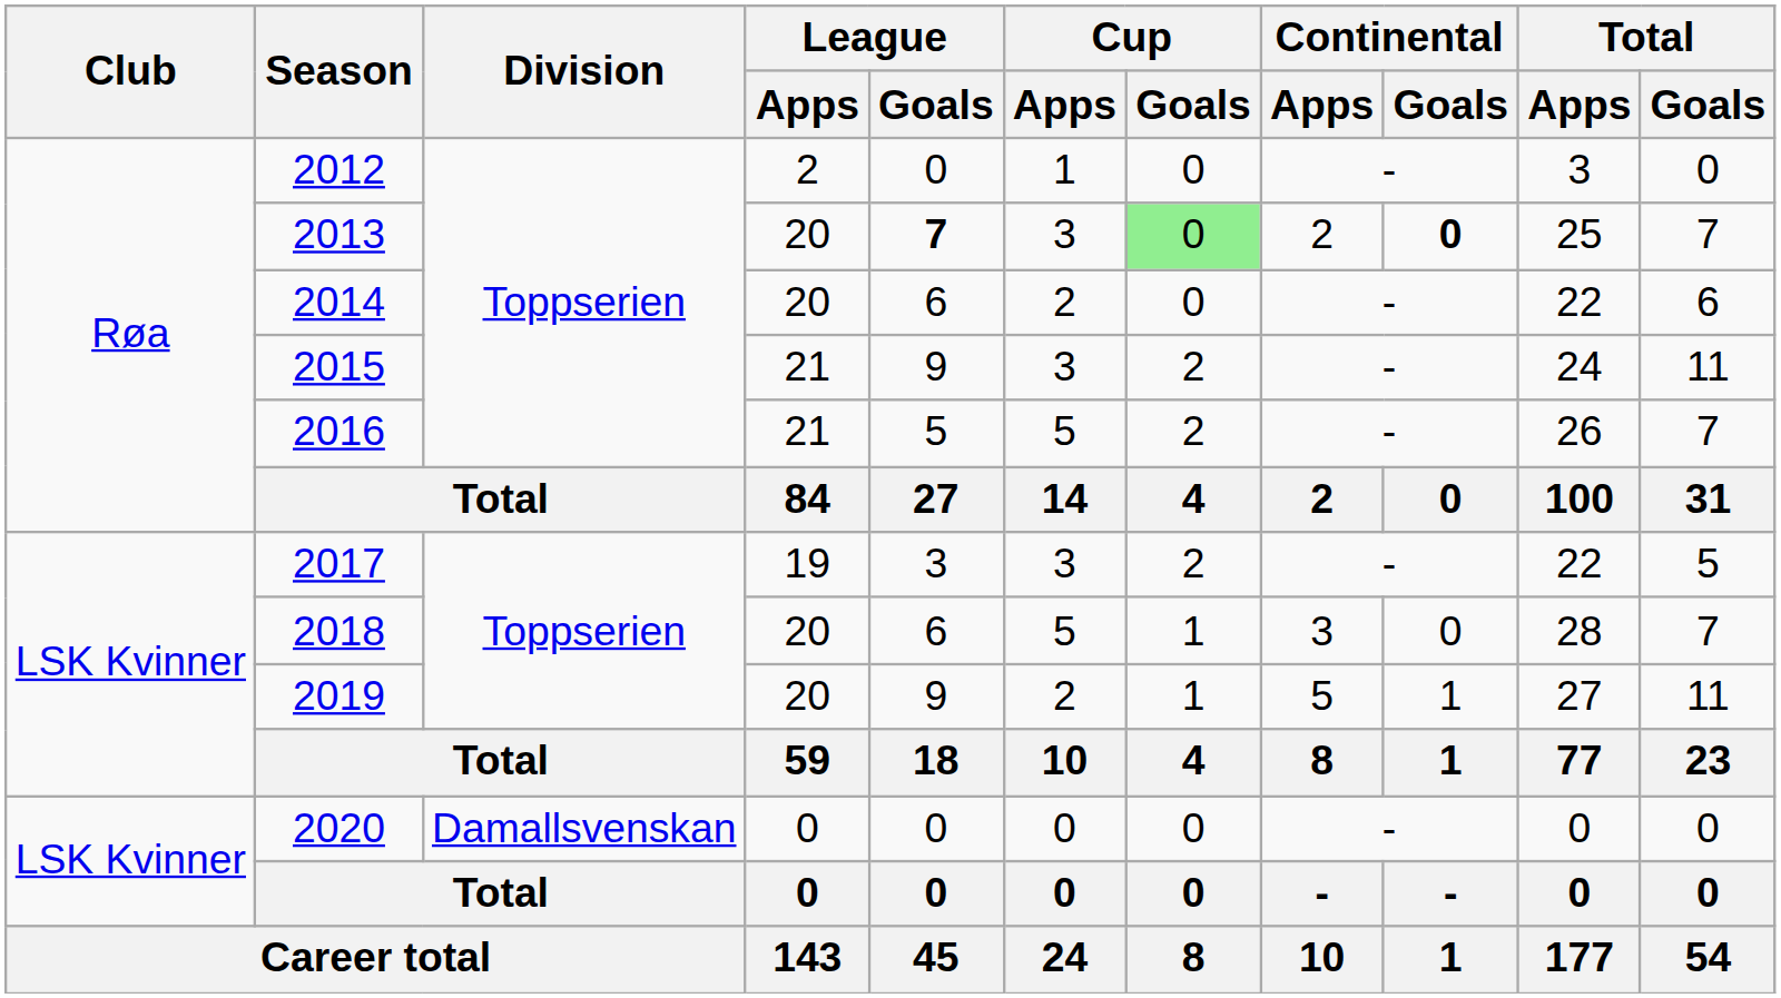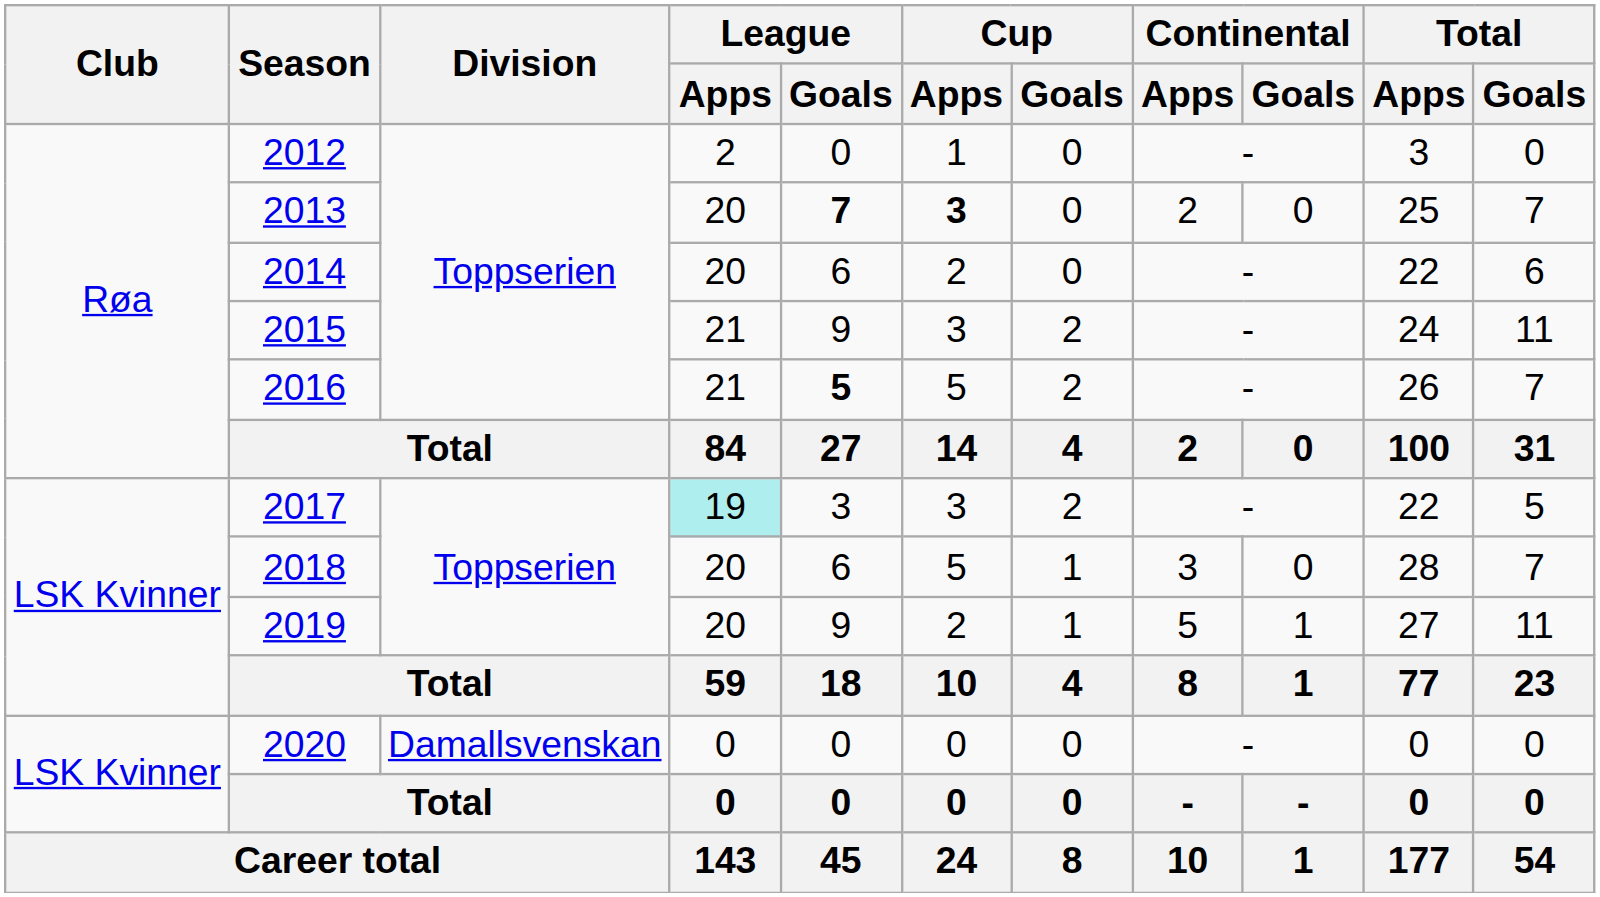 <table class="wikitable" style="text-align: center;">
 <tr>
 <th rowspan="2">Club</th>
 <th rowspan="2">Season</th>
 <th rowspan="2">Division</th>
 <th colspan="2">League</th>
 <th colspan="2">Cup</th>
 <th colspan="2">Continental</th>
 <th colspan="2">Total</th>
 </tr>
 <tr>
 <th>Apps</th>
 <th>Goals</th>
 <th>Apps</th>
 <th>Goals</th>
 <th>Apps</th>
 <th>Goals</th>
 <th>Apps</th>
 <th>Goals</th>
 </tr>
 <tr>
 <td rowspan="6" valign="center"><a href='#'>Røa</a></td>
 <td><a href='#'>2012</a></td>
 <td rowspan="5" valign="center"><a href='#'>Toppserien</a></td>
 <td>2</td>
 <td>0</td>
 <td>1</td>
 <td>0</td>
 <td colspan="2">-</td>
 <td>3</td>
 <td>0</td>
 </tr>
 <tr>
 <td><a href='#'>2013</a></td>
 <td>20</td>
 <td><strong>7</strong></td>
-<td>3</td>
-<td style="background: lightgreen;">0</td>
+<td><strong>3</strong></td>
+<td>0</td>
 <td>2</td>
-<td><strong>0</strong></td>
+<td>0</td>
 <td>25</td>
 <td>7</td>
 </tr>
 <tr>
 <td><a href='#'>2014</a></td>
 <td>20</td>
 <td>6</td>
 <td>2</td>
 <td>0</td>
 <td colspan="2">-</td>
 <td>22</td>
 <td>6</td>
 </tr>
 <tr>
 <td><a href='#'>2015</a></td>
 <td>21</td>
 <td>9</td>
 <td>3</td>
 <td>2</td>
 <td colspan="2">-</td>
 <td>24</td>
 <td>11</td>
 </tr>
 <tr>
 <td><a href='#'>2016</a></td>
 <td>21</td>
-<td>5</td>
+<td><strong>5</strong></td>
 <td>5</td>
 <td>2</td>
 <td colspan="2">-</td>
 <td>26</td>
 <td>7</td>
 </tr>
 <tr>
 <th colspan="2">Total</th>
 <th>84</th>
 <th>27</th>
 <th>14</th>
 <th>4</th>
 <th>2</th>
 <th>0</th>
 <th>100</th>
 <th>31</th>
 </tr>
 <tr>
 <td rowspan="4" valign="center"><a href='#'>LSK Kvinner</a></td>
 <td><a href='#'>2017</a></td>
 <td rowspan="3" valign="center"><a href='#'>Toppserien</a></td>
-<td>19</td>
+<td style="background: paleturquoise;">19</td>
 <td>3</td>
 <td>3</td>
 <td>2</td>
 <td colspan="2">-</td>
 <td>22</td>
 <td>5</td>
 </tr>
 <tr>
 <td><a href='#'>2018</a></td>
 <td>20</td>
 <td>6</td>
 <td>5</td>
 <td>1</td>
 <td>3</td>
 <td>0</td>
 <td>28</td>
 <td>7</td>
 </tr>
 <tr>
 <td><a href='#'>2019</a></td>
 <td>20</td>
 <td>9</td>
 <td>2</td>
 <td>1</td>
 <td>5</td>
 <td>1</td>
 <td>27</td>
 <td>11</td>
 </tr>
 <tr>
 <th colspan="2">Total</th>
 <th>59</th>
 <th>18</th>
 <th>10</th>
 <th>4</th>
 <th>8</th>
 <th>1</th>
 <th>77</th>
 <th>23</th>
 </tr>
 <tr>
 <td rowspan="2" valign="center"><a href='#'>LSK Kvinner</a></td>
 <td><a href='#'>2020</a></td>
 <td rowspan="1" valign="center"><a href='#'>Damallsvenskan</a></td>
 <td>0</td>
 <td>0</td>
 <td>0</td>
 <td>0</td>
 <td colspan="2">-</td>
 <td>0</td>
 <td>0</td>
 </tr>
 <tr>
 <th colspan="2">Total</th>
 <th>0</th>
 <th>0</th>
 <th>0</th>
 <th>0</th>
 <th>-</th>
 <th>-</th>
 <th>0</th>
 <th>0</th>
 </tr>
 <tr>
 <th colspan="3">Career total</th>
 <th>143</th>
 <th>45</th>
 <th>24</th>
 <th>8</th>
 <th>10</th>
 <th>1</th>
 <th>177</th>
 <th>54</th>
 </tr>
 </table>
